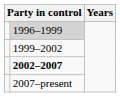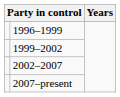 <table class="wikitable">
 <tr>
 <th colspan="2">Party in control</th>
 <th>Years</th>
 </tr>
 <tr>
 <td></td>
-<td style="background: lightgrey;">1996–1999</td>
+<td>1996–1999</td>
 </tr>
 <tr>
 <td></td>
 <td>1999–2002</td>
 </tr>
 <tr>
 <td></td>
-<td><strong>2002–2007</strong></td>
+<td>2002–2007</td>
 </tr>
 <tr>
 <td></td>
 <td>2007–present</td>
 </tr>
 </table>
